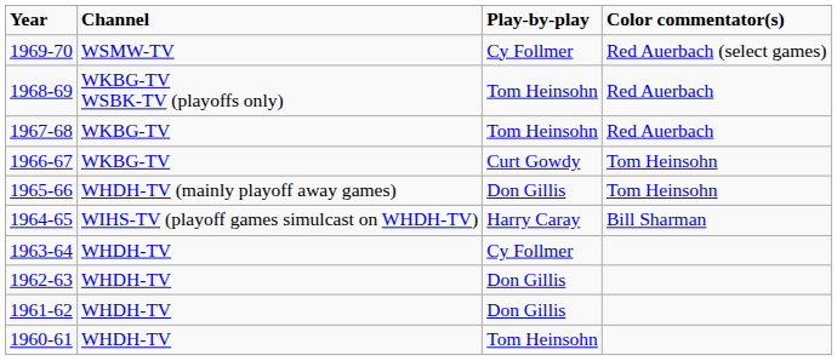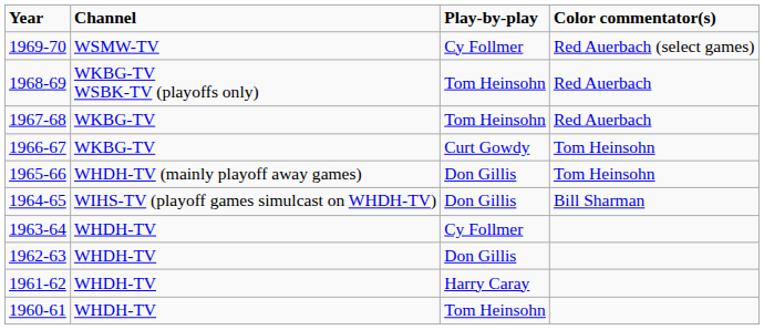 <table class="wikitable">
 <tr>
 <td><strong>Year</strong></td>
 <td><strong>Channel</strong></td>
 <td><strong>Play-by-play</strong></td>
 <td><strong>Color commentator(s)</strong></td>
 </tr>
 <tr>
 <td><a href='#'>1969-70</a></td>
 <td><a href='#'>WSMW-TV</a></td>
 <td><a href='#'>Cy Follmer</a></td>
 <td><a href='#'>Red Auerbach</a> (select games)</td>
 </tr>
 <tr>
 <td><a href='#'>1968-69</a></td>
 <td><a href='#'>WKBG-TV</a><br><a href='#'>WSBK-TV</a> (playoffs only)</td>
 <td><a href='#'>Tom Heinsohn</a></td>
 <td><a href='#'>Red Auerbach</a></td>
 </tr>
 <tr>
 <td><a href='#'>1967-68</a></td>
 <td><a href='#'>WKBG-TV</a></td>
 <td><a href='#'>Tom Heinsohn</a></td>
 <td><a href='#'>Red Auerbach</a></td>
 </tr>
 <tr>
 <td><a href='#'>1966-67</a></td>
 <td><a href='#'>WKBG-TV</a></td>
 <td><a href='#'>Curt Gowdy</a></td>
 <td><a href='#'>Tom Heinsohn</a></td>
 </tr>
 <tr>
 <td><a href='#'>1965-66</a></td>
 <td><a href='#'>WHDH-TV</a> (mainly playoff away games)</td>
 <td><a href='#'>Don Gillis</a></td>
 <td><a href='#'>Tom Heinsohn</a></td>
 </tr>
 <tr>
 <td><a href='#'>1964-65</a></td>
 <td><a href='#'>WIHS-TV</a> (playoff games simulcast on <a href='#'>WHDH-TV</a>)</td>
-<td><a href='#'>Harry Caray</a></td>
+<td><a href='#'>Don Gillis</a></td>
 <td><a href='#'>Bill Sharman</a></td>
 </tr>
 <tr>
 <td><a href='#'>1963-64</a></td>
 <td><a href='#'>WHDH-TV</a></td>
 <td><a href='#'>Cy Follmer</a></td>
 <td></td>
 </tr>
 <tr>
 <td><a href='#'>1962-63</a></td>
 <td><a href='#'>WHDH-TV</a></td>
 <td><a href='#'>Don Gillis</a></td>
 <td></td>
 </tr>
 <tr>
 <td><a href='#'>1961-62</a></td>
 <td><a href='#'>WHDH-TV</a></td>
-<td><a href='#'>Don Gillis</a></td>
+<td><a href='#'>Harry Caray</a></td>
 <td></td>
 </tr>
 <tr>
 <td><a href='#'>1960-61</a></td>
 <td><a href='#'>WHDH-TV</a></td>
 <td><a href='#'>Tom Heinsohn</a></td>
 <td></td>
 </tr>
 </table>
